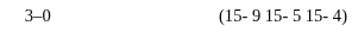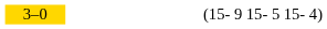 <table>
 <tr>
 <th width=200></th>
 <th width=200></th>
 <th width=80></th>
 <th width=200></th>
 <th width=220></th>
 </tr>
 <tr>
 <td align=right></td>
 <td align=right><strong></strong></td>
-<td align=center>3–0</td>
+<td align=center style="background: gold;">3–0</td>
 <td></td>
 <td>(15- 9 15- 5 15- 4)</td>
 </tr>
 </table>
